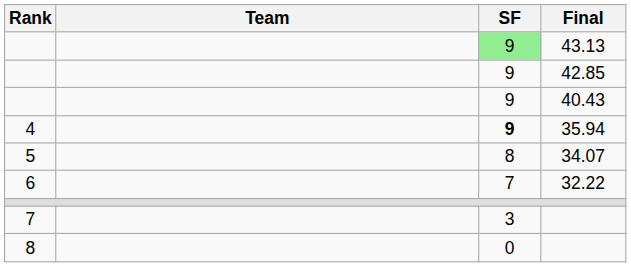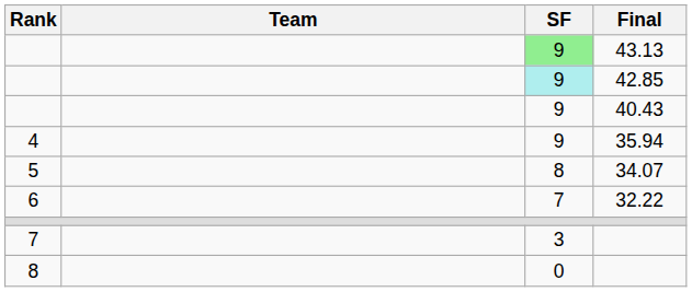 <table class=wikitable style="text-align:center">
 <tr>
 <th width=40>Rank</th>
 <th width=380>Team</th>
 <th width=50>SF</th>
 <th width=70>Final</th>
 </tr>
 <tr>
 <td></td>
 <td align=left></td>
 <td style="background: lightgreen;">9</td>
 <td>43.13</td>
 </tr>
 <tr>
 <td></td>
 <td align=left></td>
-<td>9</td>
+<td style="background: paleturquoise;">9</td>
 <td>42.85</td>
 </tr>
 <tr>
 <td></td>
 <td align=left></td>
 <td>9</td>
 <td>40.43</td>
 </tr>
 <tr>
 <td>4</td>
 <td align=left></td>
-<td><strong>9</strong></td>
+<td>9</td>
 <td>35.94</td>
 </tr>
 <tr>
 <td>5</td>
 <td align=left></td>
 <td>8</td>
 <td>34.07</td>
 </tr>
 <tr>
 <td>6</td>
 <td align=left></td>
 <td>7</td>
 <td>32.22</td>
 </tr>
 <tr bgcolor=#DDDDDD>
 <td colspan=4></td>
 </tr>
 <tr>
 <td>7</td>
 <td align=left></td>
 <td>3</td>
 <td></td>
 </tr>
 <tr>
 <td>8</td>
 <td align=left></td>
 <td>0</td>
 <td></td>
 </tr>
 </table>
